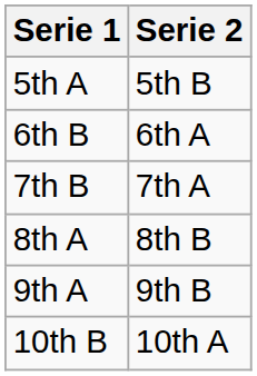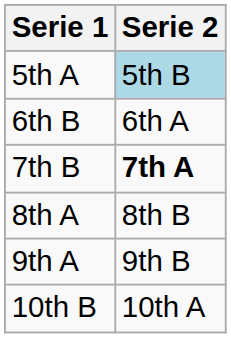 <table class="wikitable">
 <tr>
 <th>Serie 1</th>
 <th>Serie 2</th>
 </tr>
 <tr>
 <td>5th A</td>
-<td>5th B</td>
+<td style="background: lightblue;">5th B</td>
 </tr>
 <tr>
 <td>6th B</td>
 <td>6th A</td>
 </tr>
 <tr>
 <td>7th B</td>
-<td>7th A</td>
+<td><strong>7th A</strong></td>
 </tr>
 <tr>
 <td>8th A</td>
 <td>8th B</td>
 </tr>
 <tr>
 <td>9th A</td>
 <td>9th B</td>
 </tr>
 <tr>
 <td>10th B</td>
 <td>10th A</td>
 </tr>
 </table>
